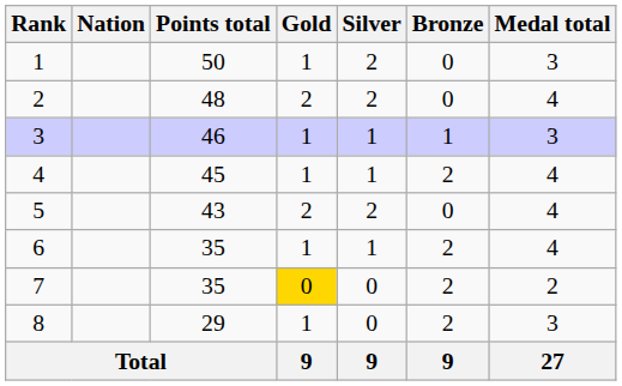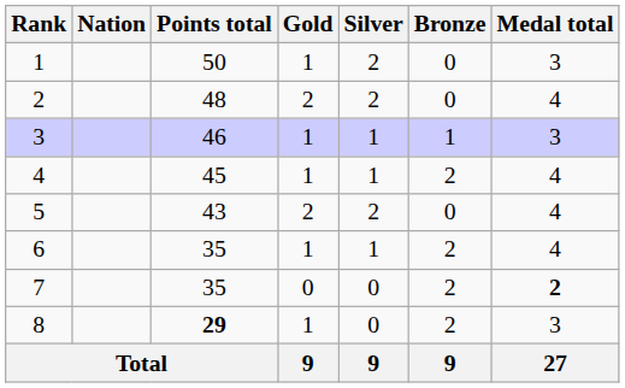 <table class=wikitable sortable style="text-align:center;">
 <tr>
 <th>Rank</th>
 <th>Nation</th>
 <th>Points total</th>
 <th>Gold</th>
 <th>Silver</th>
 <th>Bronze</th>
 <th>Medal total</th>
 </tr>
 <tr>
 <td>1</td>
 <td align=left></td>
 <td>50</td>
 <td>1</td>
 <td>2</td>
 <td>0</td>
 <td>3</td>
 </tr>
 <tr>
 <td>2</td>
 <td align=left></td>
 <td>48</td>
 <td>2</td>
 <td>2</td>
 <td>0</td>
 <td>4</td>
 </tr>
 <tr style="background-color:#ccccff">
 <td>3</td>
 <td align=left></td>
 <td>46</td>
 <td>1</td>
 <td>1</td>
 <td>1</td>
 <td>3</td>
 </tr>
 <tr>
 <td>4</td>
 <td align=left></td>
 <td>45</td>
 <td>1</td>
 <td>1</td>
 <td>2</td>
 <td>4</td>
 </tr>
 <tr>
 <td>5</td>
 <td align=left></td>
 <td>43</td>
 <td>2</td>
 <td>2</td>
 <td>0</td>
 <td>4</td>
 </tr>
 <tr>
 <td>6</td>
 <td align=left></td>
 <td>35</td>
 <td>1</td>
 <td>1</td>
 <td>2</td>
 <td>4</td>
 </tr>
 <tr>
 <td>7</td>
 <td align=left></td>
 <td>35</td>
-<td style="background: gold;">0</td>
+<td>0</td>
 <td>0</td>
 <td>2</td>
-<td>2</td>
+<td><strong>2</strong></td>
 </tr>
 <tr>
 <td>8</td>
 <td align=left></td>
-<td>29</td>
+<td><strong>29</strong></td>
 <td>1</td>
 <td>0</td>
 <td>2</td>
 <td>3</td>
 </tr>
 <tr class="sortbottom">
 <th colspan=3>Total</th>
 <th>9</th>
 <th>9</th>
 <th>9</th>
 <th>27</th>
 </tr>
 </table>
